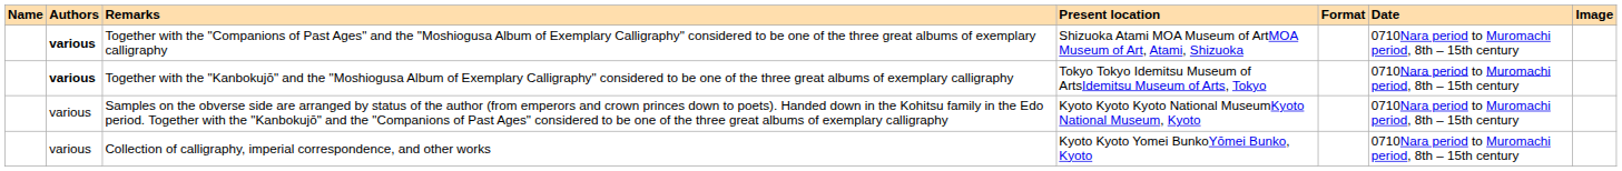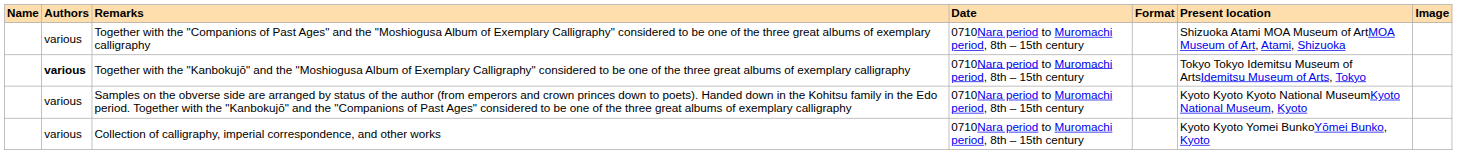 <table class="wikitable sortable" style="width:100%; background:#fff;">
 <tr>
 <th style="text-align:left; background:#ffdead;">Name</th>
 <th style="text-align:left; background:#ffdead;">Authors</th>
 <th style="text-align:left; background:#ffdead;" class="unsortable">Remarks</th>
+<th style="text-align:left; background:#ffdead;">Date</th>
+<th style="text-align:left; background:#ffdead;">Format</th>
 <th style="text-align:left; background:#ffdead;">Present location</th>
-<th style="text-align:left; background:#ffdead;">Format</th>
-<th style="text-align:left; background:#ffdead;">Date</th>
 <th style="text-align:left; background:#ffdead;" class="unsortable">Image</th>
 </tr>
 <tr>
 <td></td>
-<td><strong>various</strong></td>
+<td>various</td>
 <td>Together with the "Companions of Past Ages" and the "Moshiogusa Album of Exemplary Calligraphy" considered to be one of the three great albums of exemplary calligraphy</td>
+<td><span>0710</span><a href='#'>Nara period</a> to <a href='#'>Muromachi period</a>, 8th – 15th century</td>
+<td></td>
 <td><span>Shizuoka Atami MOA Museum of Art</span><a href='#'>MOA Museum of Art</a>, <a href='#'>Atami</a>, <a href='#'>Shizuoka</a></td>
-<td></td>
-<td><span>0710</span><a href='#'>Nara period</a> to <a href='#'>Muromachi period</a>, 8th – 15th century</td>
 <td></td>
 </tr>
 <tr>
 <td></td>
 <td><strong>various</strong></td>
 <td>Together with the "Kanbokujō" and the "Moshiogusa Album of Exemplary Calligraphy" considered to be one of the three great albums of exemplary calligraphy</td>
+<td><span>0710</span><a href='#'>Nara period</a> to <a href='#'>Muromachi period</a>, 8th – 15th century</td>
+<td></td>
 <td><span>Tokyo Tokyo Idemitsu Museum of Arts</span><a href='#'>Idemitsu Museum of Arts</a>, <a href='#'>Tokyo</a></td>
-<td></td>
-<td><span>0710</span><a href='#'>Nara period</a> to <a href='#'>Muromachi period</a>, 8th – 15th century</td>
 <td></td>
 </tr>
 <tr>
 <td></td>
 <td>various</td>
 <td>Samples on the obverse side are arranged by status of the author (from emperors and crown princes down to poets). Handed down in the Kohitsu family in the Edo period. Together with the "Kanbokujō" and the "Companions of Past Ages" considered to be one of the three great albums of exemplary calligraphy</td>
+<td><span>0710</span><a href='#'>Nara period</a> to <a href='#'>Muromachi period</a>, 8th – 15th century</td>
+<td></td>
 <td><span>Kyoto Kyoto Kyoto National Museum</span><a href='#'>Kyoto National Museum</a>, <a href='#'>Kyoto</a></td>
-<td></td>
-<td><span>0710</span><a href='#'>Nara period</a> to <a href='#'>Muromachi period</a>, 8th – 15th century</td>
 <td></td>
 </tr>
 <tr>
 <td></td>
 <td>various</td>
 <td>Collection of calligraphy, imperial correspondence, and other works</td>
+<td><span>0710</span><a href='#'>Nara period</a> to <a href='#'>Muromachi period</a>, 8th – 15th century</td>
+<td></td>
 <td><span>Kyoto Kyoto Yomei Bunko</span><a href='#'>Yōmei Bunko</a>, <a href='#'>Kyoto</a></td>
-<td></td>
-<td><span>0710</span><a href='#'>Nara period</a> to <a href='#'>Muromachi period</a>, 8th – 15th century</td>
 <td></td>
 </tr>
 </table>
